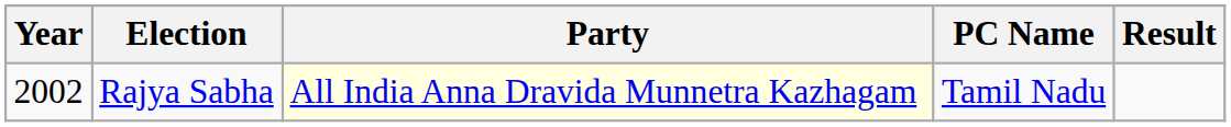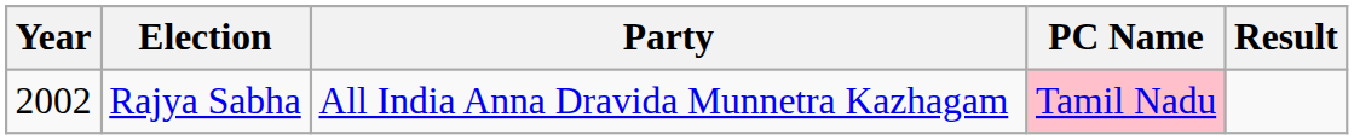 <table class="sortable wikitable"style="font-size: 90%">
 <tr>
 <th>Year</th>
 <th>Election</th>
 <th>Party</th>
 <th>PC Name</th>
 <th>Result</th>
 </tr>
 <tr>
 <td>2002</td>
 <td><a href='#'>Rajya Sabha</a></td>
-<td style="background: lightyellow;"><a href='#'>All India Anna Dravida Munnetra Kazhagam</a> </td>
-<td><a href='#'>Tamil Nadu</a></td>
+<td><a href='#'>All India Anna Dravida Munnetra Kazhagam</a> </td>
+<td style="background: pink;"><a href='#'>Tamil Nadu</a></td>
 <td></td>
 </tr>
 </table>
